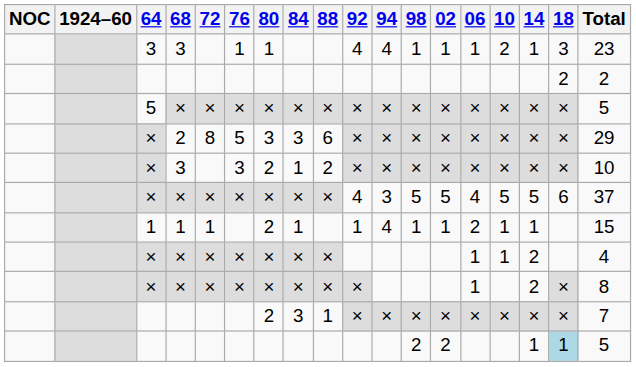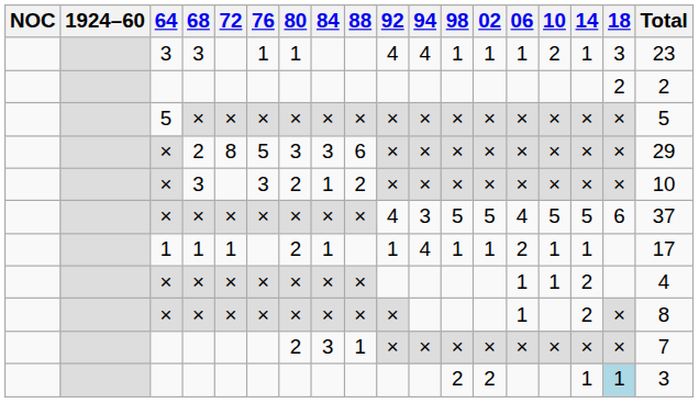 <table class="wikitable sortable" style="text-align:center">
 <tr>
 <th>NOC</th>
 <th class="unsortable"><span>1924–60</span></th>
 <th><a href='#'>64</a></th>
 <th><a href='#'>68</a></th>
 <th><a href='#'>72</a></th>
 <th><a href='#'>76</a></th>
 <th><a href='#'>80</a></th>
 <th><a href='#'>84</a></th>
 <th><a href='#'>88</a></th>
 <th><a href='#'>92</a></th>
 <th><a href='#'>94</a></th>
 <th><a href='#'>98</a></th>
 <th><a href='#'>02</a></th>
 <th><a href='#'>06</a></th>
 <th><a href='#'>10</a></th>
 <th><a href='#'>14</a></th>
 <th><a href='#'>18</a></th>
 <th>Total</th>
 </tr>
 <tr>
 <td align=left></td>
 <td style="background:#ddd"> </td>
 <td>3</td>
 <td>3</td>
 <td></td>
 <td>1</td>
 <td>1</td>
 <td></td>
 <td></td>
 <td>4</td>
 <td>4</td>
 <td>1</td>
 <td>1</td>
 <td>1</td>
 <td>2</td>
 <td>1</td>
 <td>3</td>
 <td>23</td>
 </tr>
 <tr>
 <td align=left></td>
 <td style="background:#ddd"> </td>
 <td></td>
 <td></td>
 <td></td>
 <td></td>
 <td></td>
 <td></td>
 <td></td>
 <td></td>
 <td></td>
 <td></td>
 <td></td>
 <td></td>
 <td></td>
 <td></td>
 <td>2</td>
 <td>2</td>
 </tr>
 <tr>
 <td align=left></td>
 <td style="background:#ddd"> </td>
 <td>5</td>
 <td style="background:#ddd">×</td>
 <td style="background:#ddd">×</td>
 <td style="background:#ddd">×</td>
 <td style="background:#ddd">×</td>
 <td style="background:#ddd">×</td>
 <td style="background:#ddd">×</td>
 <td style="background:#ddd">×</td>
 <td style="background:#ddd">×</td>
 <td style="background:#ddd">×</td>
 <td style="background:#ddd">×</td>
 <td style="background:#ddd">×</td>
 <td style="background:#ddd">×</td>
 <td style="background:#ddd">×</td>
 <td style="background:#ddd">×</td>
 <td>5</td>
 </tr>
 <tr>
 <td align=left></td>
 <td style="background:#ddd"> </td>
 <td style="background:#ddd">×</td>
 <td>2</td>
 <td>8</td>
 <td>5</td>
 <td>3</td>
 <td>3</td>
 <td>6</td>
 <td style="background:#ddd">×</td>
 <td style="background:#ddd">×</td>
 <td style="background:#ddd">×</td>
 <td style="background:#ddd">×</td>
 <td style="background:#ddd">×</td>
 <td style="background:#ddd">×</td>
 <td style="background:#ddd">×</td>
 <td style="background:#ddd">×</td>
 <td>29</td>
 </tr>
 <tr>
 <td align=left></td>
 <td style="background:#ddd"> </td>
 <td style="background:#ddd">×</td>
 <td>3</td>
 <td></td>
 <td>3</td>
 <td>2</td>
 <td>1</td>
 <td>2</td>
 <td style="background:#ddd">×</td>
 <td style="background:#ddd">×</td>
 <td style="background:#ddd">×</td>
 <td style="background:#ddd">×</td>
 <td style="background:#ddd">×</td>
 <td style="background:#ddd">×</td>
 <td style="background:#ddd">×</td>
 <td style="background:#ddd">×</td>
 <td>10</td>
 </tr>
 <tr>
 <td align=left></td>
 <td style="background:#ddd"> </td>
 <td style="background:#ddd">×</td>
 <td style="background:#ddd">×</td>
 <td style="background:#ddd">×</td>
 <td style="background:#ddd">×</td>
 <td style="background:#ddd">×</td>
 <td style="background:#ddd">×</td>
 <td style="background:#ddd">×</td>
 <td>4</td>
 <td>3</td>
 <td>5</td>
 <td>5</td>
 <td>4</td>
 <td>5</td>
 <td>5</td>
 <td>6</td>
 <td>37</td>
 </tr>
 <tr>
 <td align=left></td>
 <td style="background:#ddd"> </td>
 <td>1</td>
 <td>1</td>
 <td>1</td>
 <td></td>
 <td>2</td>
 <td>1</td>
 <td></td>
 <td>1</td>
 <td>4</td>
 <td>1</td>
 <td>1</td>
 <td>2</td>
 <td>1</td>
 <td>1</td>
 <td></td>
-<td>15</td>
+<td>17</td>
 </tr>
 <tr>
 <td align=left></td>
 <td style="background:#ddd"> </td>
 <td style="background:#ddd">×</td>
 <td style="background:#ddd">×</td>
 <td style="background:#ddd">×</td>
 <td style="background:#ddd">×</td>
 <td style="background:#ddd">×</td>
 <td style="background:#ddd">×</td>
 <td style="background:#ddd">×</td>
 <td></td>
 <td></td>
 <td></td>
 <td></td>
 <td>1</td>
 <td>1</td>
 <td>2</td>
 <td></td>
 <td>4</td>
 </tr>
 <tr>
 <td align=left></td>
 <td style="background:#ddd"> </td>
 <td style="background:#ddd">×</td>
 <td style="background:#ddd">×</td>
 <td style="background:#ddd">×</td>
 <td style="background:#ddd">×</td>
 <td style="background:#ddd">×</td>
 <td style="background:#ddd">×</td>
 <td style="background:#ddd">×</td>
 <td style="background:#ddd">×</td>
 <td></td>
 <td></td>
 <td></td>
 <td>1</td>
 <td></td>
 <td>2</td>
 <td style="background:#ddd">×</td>
 <td>8</td>
 </tr>
 <tr>
 <td align=left></td>
 <td style="background:#ddd"> </td>
 <td></td>
 <td></td>
 <td></td>
 <td></td>
 <td>2</td>
 <td>3</td>
 <td>1</td>
 <td style="background:#ddd">×</td>
 <td style="background:#ddd">×</td>
 <td style="background:#ddd">×</td>
 <td style="background:#ddd">×</td>
 <td style="background:#ddd">×</td>
 <td style="background:#ddd">×</td>
 <td style="background:#ddd">×</td>
 <td style="background:#ddd">×</td>
 <td>7</td>
 </tr>
 <tr>
 <td align=left></td>
 <td style="background:#ddd"> </td>
 <td></td>
 <td></td>
 <td></td>
 <td></td>
 <td></td>
 <td></td>
 <td></td>
 <td></td>
 <td></td>
 <td>2</td>
 <td>2</td>
 <td></td>
 <td></td>
 <td>1</td>
 <td style="background: lightblue;">1</td>
-<td>5</td>
+<td>3</td>
 </tr>
 </table>
